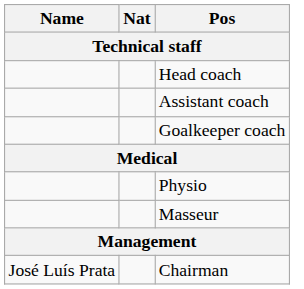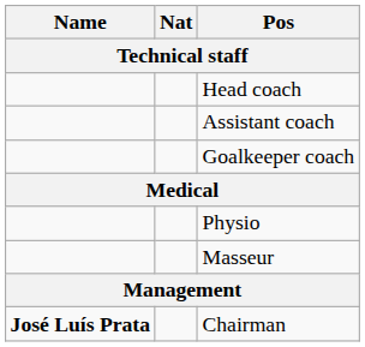 <table class="wikitable ve-ce-branchNode ve-ce-tableNode">
 <tr>
 <th>Name</th>
 <th>Nat</th>
 <th>Pos</th>
 </tr>
 <tr>
 <th colspan="4">Technical staff</th>
 </tr>
 <tr>
 <td></td>
 <td></td>
 <td>Head coach</td>
 </tr>
 <tr>
 <td></td>
 <td></td>
 <td>Assistant coach</td>
 </tr>
 <tr>
 <td></td>
 <td></td>
 <td>Goalkeeper coach</td>
 </tr>
 <tr>
 <th colspan="4">Medical</th>
 </tr>
 <tr>
 <td></td>
 <td></td>
 <td>Physio</td>
 </tr>
 <tr>
 <td></td>
 <td></td>
 <td>Masseur</td>
 </tr>
 <tr>
 <th colspan="4">Management</th>
 </tr>
 <tr>
-<td>José Luís Prata</td>
+<td><strong>José Luís Prata</strong></td>
 <td></td>
 <td>Chairman</td>
 </tr>
 </table>
